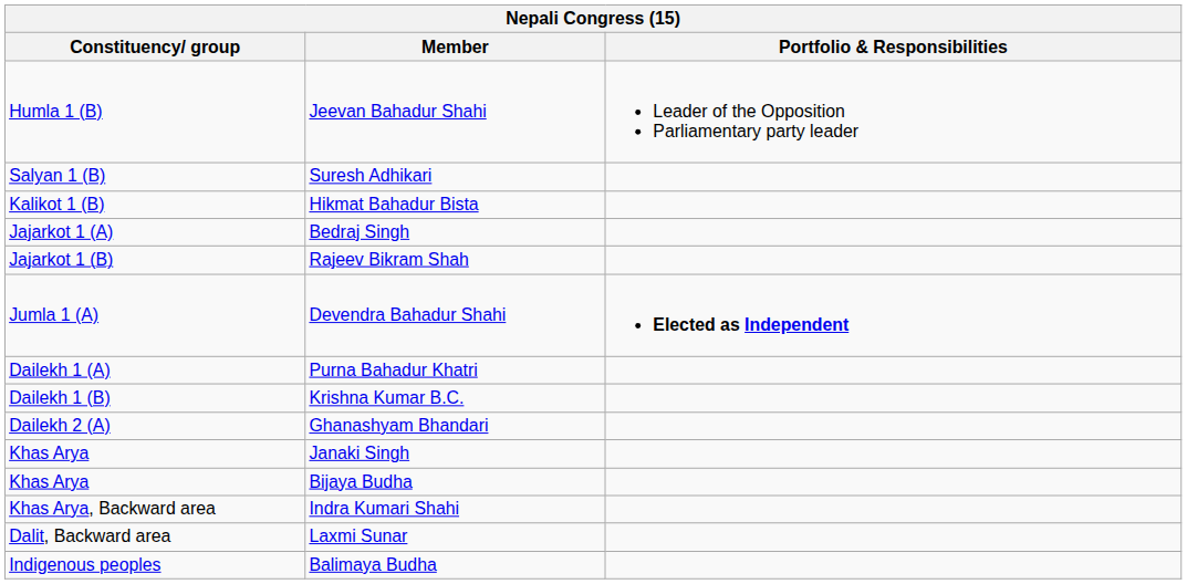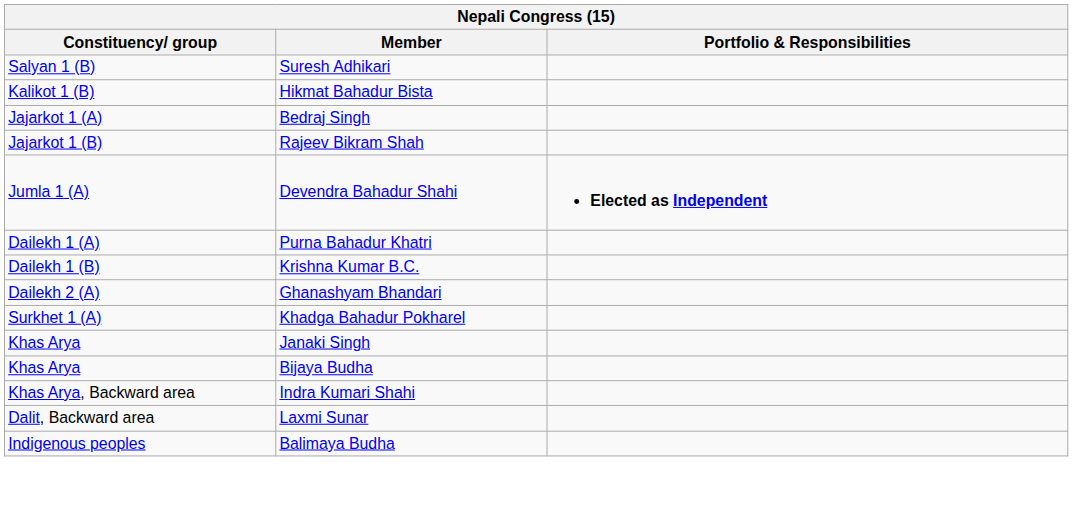 <table class="wikitable sortable mw-collapsible mw-collapsed">
 <tr>
 <th colspan="3" style="width: 800pt; background:">Nepali Congress (15)</th>
 </tr>
 <tr>
 <th style="width:200pt;">Constituency/ group</th>
 <th style="width:200pt;">Member</th>
 <th>Portfolio & Responsibilities</th>
-</tr>
-<tr>
-<td><a href='#'>Humla 1 (B)</a></td>
-<td><a href='#'>Jeevan Bahadur Shahi</a></td>
-<td><br><ul><li>Leader of the Opposition</li><li>Parliamentary party leader</li></ul></td>
 </tr>
 <tr>
 <td><a href='#'>Salyan 1 (B)</a></td>
 <td><a href='#'>Suresh Adhikari</a></td>
 <td></td>
 </tr>
 <tr>
 <td><a href='#'>Kalikot 1 (B)</a></td>
 <td><a href='#'>Hikmat Bahadur Bista</a></td>
 <td></td>
 </tr>
 <tr>
 <td><a href='#'>Jajarkot 1 (A)</a></td>
 <td><a href='#'>Bedraj Singh</a></td>
 <td></td>
 </tr>
 <tr>
 <td><a href='#'>Jajarkot 1 (B)</a></td>
 <td><a href='#'>Rajeev Bikram Shah</a></td>
 <td></td>
 </tr>
 <tr>
 <td><a href='#'>Jumla 1 (A)</a></td>
 <td><a href='#'>Devendra Bahadur Shahi</a></td>
 <td><strong><br><ul><li>Elected as <a href='#'>Independent</a></li></ul></strong></td>
 </tr>
 <tr>
 <td><a href='#'>Dailekh 1 (A)</a></td>
 <td><a href='#'>Purna Bahadur Khatri</a></td>
 <td></td>
 </tr>
 <tr>
 <td><a href='#'>Dailekh 1 (B)</a></td>
 <td><a href='#'>Krishna Kumar B.C.</a></td>
 <td></td>
 </tr>
 <tr>
 <td><a href='#'>Dailekh 2 (A)</a></td>
 <td><a href='#'>Ghanashyam Bhandari</a></td>
 <td></td>
 </tr>
 <tr>
+<td><a href='#'>Surkhet 1 (A)</a></td>
+<td><a href='#'>Khadga Bahadur Pokharel</a></td>
+<td></td>
+</tr>
+<tr>
 <td><a href='#'>Khas Arya</a></td>
 <td><a href='#'>Janaki Singh</a></td>
 <td></td>
 </tr>
 <tr>
 <td><a href='#'>Khas Arya</a></td>
 <td><a href='#'>Bijaya Budha</a></td>
 <td></td>
 </tr>
 <tr>
 <td><a href='#'>Khas Arya</a>, Backward area</td>
 <td><a href='#'>Indra Kumari Shahi</a></td>
 <td></td>
 </tr>
 <tr>
 <td><a href='#'>Dalit</a>, Backward area</td>
 <td><a href='#'>Laxmi Sunar</a></td>
 <td></td>
 </tr>
 <tr>
 <td><a href='#'>Indigenous peoples</a></td>
 <td><a href='#'>Balimaya Budha</a></td>
 <td></td>
 </tr>
 </table>
